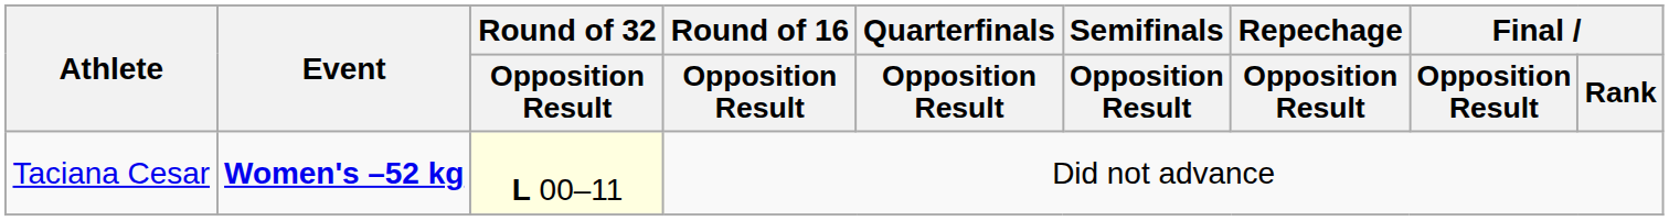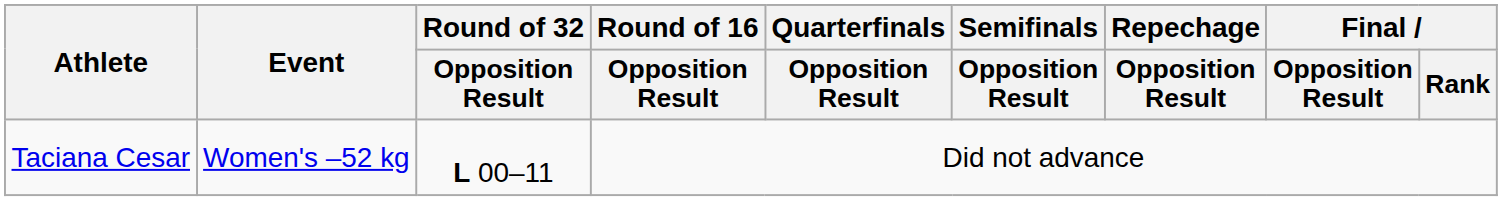 <table class="wikitable" style="font-size:90%">
 <tr>
 <th rowspan="2">Athlete</th>
 <th rowspan="2">Event</th>
 <th>Round of 32</th>
 <th>Round of 16</th>
 <th>Quarterfinals</th>
 <th>Semifinals</th>
 <th>Repechage</th>
 <th colspan=2>Final / </th>
 </tr>
 <tr style="font-size:95%">
 <th>Opposition<br>Result</th>
 <th>Opposition<br>Result</th>
 <th>Opposition<br>Result</th>
 <th>Opposition<br>Result</th>
 <th>Opposition<br>Result</th>
 <th>Opposition<br>Result</th>
 <th>Rank</th>
 </tr>
 <tr align=center>
 <td align=left><a href='#'>Taciana Cesar</a></td>
-<td align=left><strong><a href='#'>Women's –52 kg</a></strong></td>
-<td style="background: lightyellow;"><br><strong>L</strong> 00–11</td>
+<td align=left><a href='#'>Women's –52 kg</a></td>
+<td><br><strong>L</strong> 00–11</td>
 <td colspan=6>Did not advance</td>
 </tr>
 </table>
